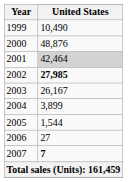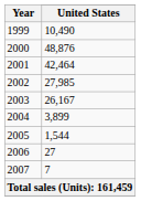 <table class="wikitable">
 <tr>
 <th rowspan="2">Year</th>
 </tr>
 <tr>
 <th>United States</th>
 </tr>
 <tr>
 <td>1999</td>
 <td>10,490</td>
 </tr>
 <tr>
 <td>2000</td>
 <td>48,876</td>
 </tr>
 <tr>
 <td>2001</td>
-<td style="background: lightgrey;">42,464</td>
+<td>42,464</td>
 </tr>
 <tr>
 <td>2002</td>
-<td><strong>27,985</strong></td>
+<td>27,985</td>
 </tr>
 <tr>
 <td>2003</td>
 <td>26,167</td>
 </tr>
 <tr>
 <td>2004</td>
 <td>3,899</td>
 </tr>
 <tr>
 <td>2005</td>
 <td>1,544</td>
 </tr>
 <tr>
 <td>2006</td>
 <td>27</td>
 </tr>
 <tr>
 <td>2007</td>
-<td><strong>7</strong></td>
+<td>7</td>
 </tr>
 <tr>
 <th align="center" colspan="5">Total sales (Units): 161,459</th>
 </tr>
 <tr>
 </tr>
 </table>
